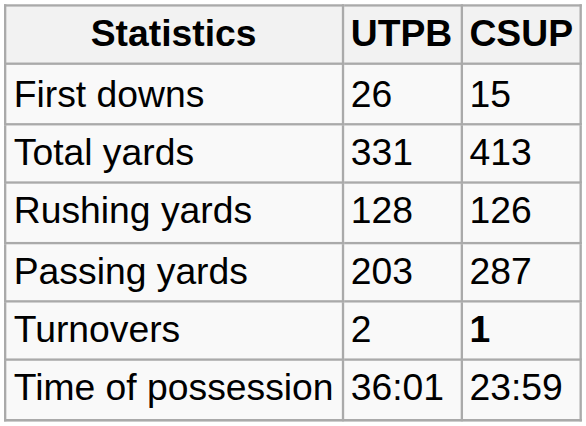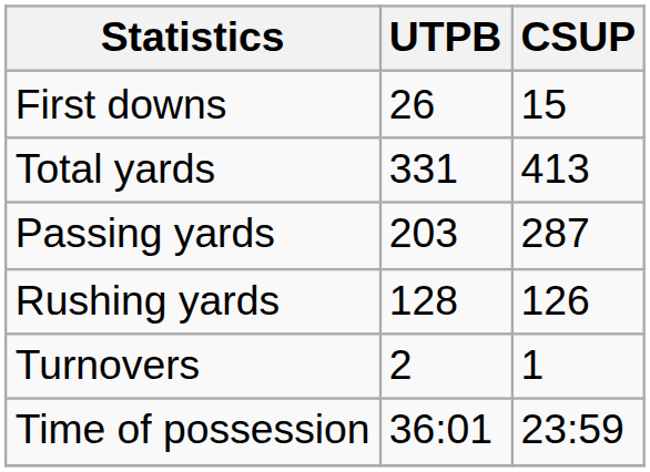 <table class="wikitable" style="float: left;">
 <tr>
 <th>Statistics</th>
 <th>UTPB</th>
 <th>CSUP</th>
 </tr>
 <tr>
 <td>First downs</td>
 <td>26</td>
 <td>15</td>
 </tr>
 <tr>
 <td>Total yards</td>
 <td>331</td>
 <td>413</td>
 </tr>
 <tr>
+<td>Passing yards</td>
+<td>203</td>
+<td>287</td>
+</tr>
+<tr>
 <td>Rushing yards</td>
 <td>128</td>
 <td>126</td>
 </tr>
 <tr>
-<td>Passing yards</td>
-<td>203</td>
-<td>287</td>
-</tr>
-<tr>
 <td>Turnovers</td>
 <td>2</td>
-<td><strong>1</strong></td>
+<td>1</td>
 </tr>
 <tr>
 <td>Time of possession</td>
 <td>36:01</td>
 <td>23:59</td>
 </tr>
 <tr>
 </tr>
 </table>
